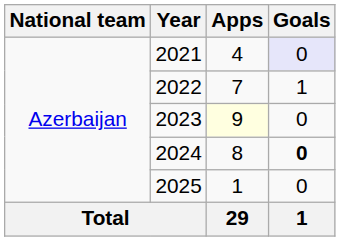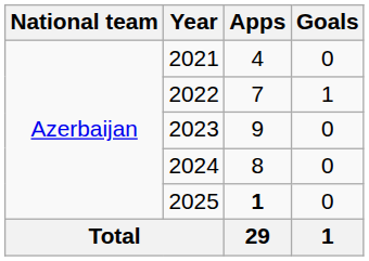 <table class="wikitable" style="text-align:center">
 <tr>
 <th>National team</th>
 <th>Year</th>
 <th>Apps</th>
 <th>Goals</th>
 </tr>
 <tr>
 <td rowspan="5"><a href='#'>Azerbaijan</a></td>
 <td>2021</td>
 <td>4</td>
-<td style="background: lavender;">0</td>
+<td>0</td>
 </tr>
 <tr>
 <td>2022</td>
 <td>7</td>
 <td>1</td>
 </tr>
 <tr>
 <td>2023</td>
-<td style="background: lightyellow;">9</td>
+<td>9</td>
 <td>0</td>
 </tr>
 <tr>
 <td>2024</td>
 <td>8</td>
-<td><strong>0</strong></td>
+<td>0</td>
 </tr>
 <tr>
 <td>2025</td>
-<td>1</td>
+<td><strong>1</strong></td>
 <td>0</td>
 </tr>
 <tr>
 <th colspan="2">Total</th>
 <th>29</th>
 <th>1</th>
 </tr>
 </table>
